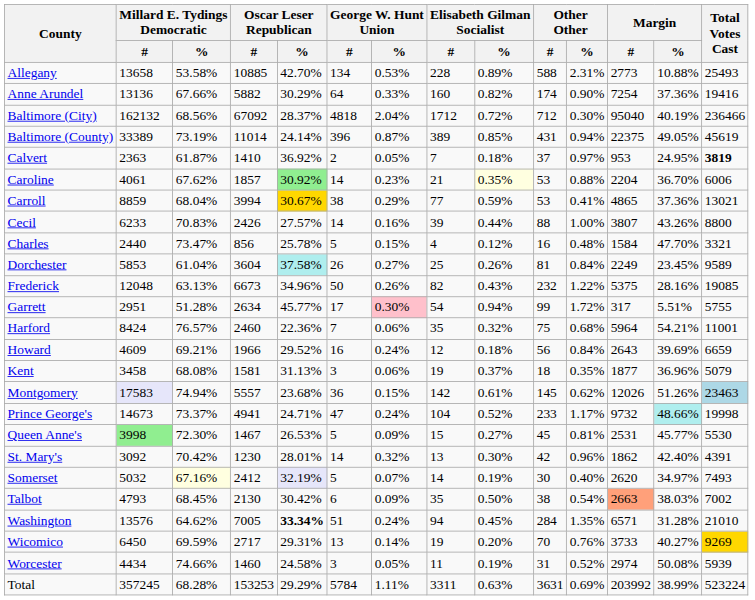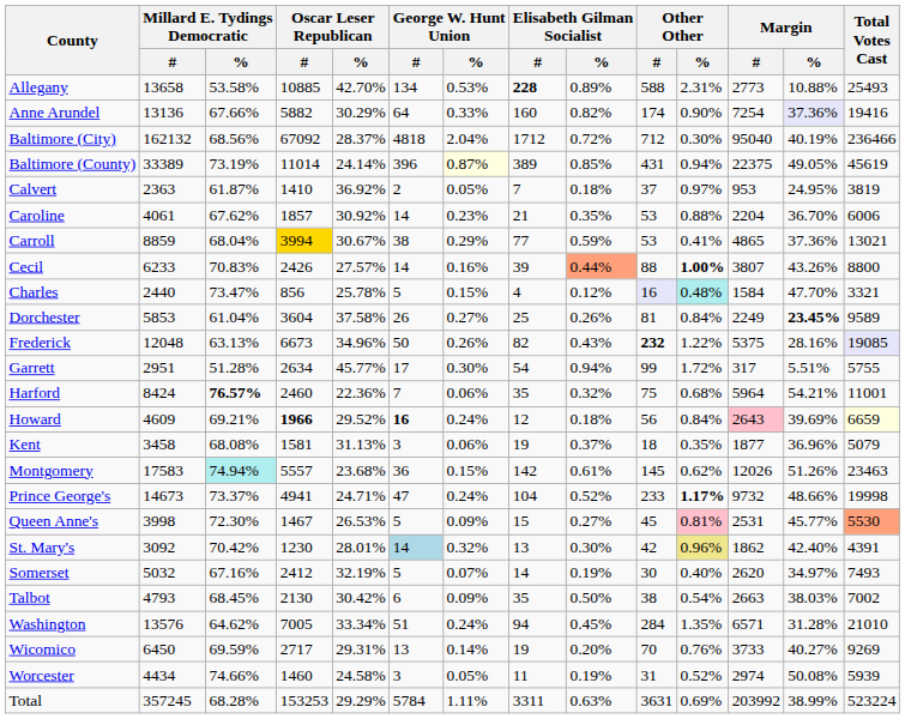 <table class="wikitable sortable">
 <tr>
 <th rowspan="2">County</th>
 <th colspan="2" >Millard E. Tydings<br>Democratic</th>
 <th colspan="2" >Oscar Leser<br>Republican</th>
 <th colspan="2" >George W. Hunt<br>Union</th>
 <th colspan="2" >Elisabeth Gilman<br>Socialist</th>
 <th colspan="2" >Other<br>Other</th>
 <th colspan="2">Margin</th>
 <th rowspan="2">Total<br>Votes<br>Cast</th>
 </tr>
 <tr>
 <th>#</th>
 <th>%</th>
 <th>#</th>
 <th>%</th>
 <th>#</th>
 <th>%</th>
 <th>#</th>
 <th>%</th>
 <th>#</th>
 <th>%</th>
 <th>#</th>
 <th>%</th>
 </tr>
 <tr>
 <td><a href='#'>Allegany</a></td>
 <td>13658</td>
 <td>53.58%</td>
 <td>10885</td>
 <td>42.70%</td>
 <td>134</td>
 <td>0.53%</td>
-<td>228</td>
+<td><strong>228</strong></td>
 <td>0.89%</td>
 <td>588</td>
 <td>2.31%</td>
 <td>2773</td>
 <td>10.88%</td>
 <td>25493</td>
 </tr>
 <tr>
 <td><a href='#'>Anne Arundel</a></td>
 <td>13136</td>
 <td>67.66%</td>
 <td>5882</td>
 <td>30.29%</td>
 <td>64</td>
 <td>0.33%</td>
 <td>160</td>
 <td>0.82%</td>
 <td>174</td>
 <td>0.90%</td>
 <td>7254</td>
-<td>37.36%</td>
+<td style="background: lavender;">37.36%</td>
 <td>19416</td>
 </tr>
 <tr>
 <td><a href='#'>Baltimore (City)</a></td>
 <td>162132</td>
 <td>68.56%</td>
 <td>67092</td>
 <td>28.37%</td>
 <td>4818</td>
 <td>2.04%</td>
 <td>1712</td>
 <td>0.72%</td>
 <td>712</td>
 <td>0.30%</td>
 <td>95040</td>
 <td>40.19%</td>
 <td>236466</td>
 </tr>
 <tr>
 <td><a href='#'>Baltimore (County)</a></td>
 <td>33389</td>
 <td>73.19%</td>
 <td>11014</td>
 <td>24.14%</td>
 <td>396</td>
-<td>0.87%</td>
+<td style="background: lightyellow;">0.87%</td>
 <td>389</td>
 <td>0.85%</td>
 <td>431</td>
 <td>0.94%</td>
 <td>22375</td>
 <td>49.05%</td>
 <td>45619</td>
 </tr>
 <tr>
 <td><a href='#'>Calvert</a></td>
 <td>2363</td>
 <td>61.87%</td>
 <td>1410</td>
 <td>36.92%</td>
 <td>2</td>
 <td>0.05%</td>
 <td>7</td>
 <td>0.18%</td>
 <td>37</td>
 <td>0.97%</td>
 <td>953</td>
 <td>24.95%</td>
-<td><strong>3819</strong></td>
+<td>3819</td>
 </tr>
 <tr>
 <td><a href='#'>Caroline</a></td>
 <td>4061</td>
 <td>67.62%</td>
 <td>1857</td>
-<td style="background: lightgreen;">30.92%</td>
+<td>30.92%</td>
 <td>14</td>
 <td>0.23%</td>
 <td>21</td>
-<td style="background: lightyellow;">0.35%</td>
+<td>0.35%</td>
 <td>53</td>
 <td>0.88%</td>
 <td>2204</td>
 <td>36.70%</td>
 <td>6006</td>
 </tr>
 <tr>
 <td><a href='#'>Carroll</a></td>
 <td>8859</td>
 <td>68.04%</td>
-<td>3994</td>
-<td style="background: gold;">30.67%</td>
+<td style="background: gold;">3994</td>
+<td>30.67%</td>
 <td>38</td>
 <td>0.29%</td>
 <td>77</td>
 <td>0.59%</td>
 <td>53</td>
 <td>0.41%</td>
 <td>4865</td>
 <td>37.36%</td>
 <td>13021</td>
 </tr>
 <tr>
 <td><a href='#'>Cecil</a></td>
 <td>6233</td>
 <td>70.83%</td>
 <td>2426</td>
 <td>27.57%</td>
 <td>14</td>
 <td>0.16%</td>
 <td>39</td>
-<td>0.44%</td>
+<td style="background: lightsalmon;">0.44%</td>
 <td>88</td>
-<td>1.00%</td>
+<td><strong>1.00%</strong></td>
 <td>3807</td>
 <td>43.26%</td>
 <td>8800</td>
 </tr>
 <tr>
 <td><a href='#'>Charles</a></td>
 <td>2440</td>
 <td>73.47%</td>
 <td>856</td>
 <td>25.78%</td>
 <td>5</td>
 <td>0.15%</td>
 <td>4</td>
 <td>0.12%</td>
-<td>16</td>
-<td>0.48%</td>
+<td style="background: lavender;">16</td>
+<td style="background: paleturquoise;">0.48%</td>
 <td>1584</td>
 <td>47.70%</td>
 <td>3321</td>
 </tr>
 <tr>
 <td><a href='#'>Dorchester</a></td>
 <td>5853</td>
 <td>61.04%</td>
 <td>3604</td>
-<td style="background: paleturquoise;">37.58%</td>
+<td>37.58%</td>
 <td>26</td>
 <td>0.27%</td>
 <td>25</td>
 <td>0.26%</td>
 <td>81</td>
 <td>0.84%</td>
 <td>2249</td>
-<td>23.45%</td>
+<td><strong>23.45%</strong></td>
 <td>9589</td>
 </tr>
 <tr>
 <td><a href='#'>Frederick</a></td>
 <td>12048</td>
 <td>63.13%</td>
 <td>6673</td>
 <td>34.96%</td>
 <td>50</td>
 <td>0.26%</td>
 <td>82</td>
 <td>0.43%</td>
-<td>232</td>
+<td><strong>232</strong></td>
 <td>1.22%</td>
 <td>5375</td>
 <td>28.16%</td>
-<td>19085</td>
+<td style="background: lavender;">19085</td>
 </tr>
 <tr>
 <td><a href='#'>Garrett</a></td>
 <td>2951</td>
 <td>51.28%</td>
 <td>2634</td>
 <td>45.77%</td>
 <td>17</td>
-<td style="background: pink;">0.30%</td>
+<td>0.30%</td>
 <td>54</td>
 <td>0.94%</td>
 <td>99</td>
 <td>1.72%</td>
 <td>317</td>
 <td>5.51%</td>
 <td>5755</td>
 </tr>
 <tr>
 <td><a href='#'>Harford</a></td>
 <td>8424</td>
-<td>76.57%</td>
+<td><strong>76.57%</strong></td>
 <td>2460</td>
 <td>22.36%</td>
 <td>7</td>
 <td>0.06%</td>
 <td>35</td>
 <td>0.32%</td>
 <td>75</td>
 <td>0.68%</td>
 <td>5964</td>
 <td>54.21%</td>
 <td>11001</td>
 </tr>
 <tr>
 <td><a href='#'>Howard</a></td>
 <td>4609</td>
 <td>69.21%</td>
-<td>1966</td>
+<td><strong>1966</strong></td>
 <td>29.52%</td>
-<td>16</td>
+<td><strong>16</strong></td>
 <td>0.24%</td>
 <td>12</td>
 <td>0.18%</td>
 <td>56</td>
 <td>0.84%</td>
-<td>2643</td>
+<td style="background: pink;">2643</td>
 <td>39.69%</td>
-<td>6659</td>
+<td style="background: lightyellow;">6659</td>
 </tr>
 <tr>
 <td><a href='#'>Kent</a></td>
 <td>3458</td>
 <td>68.08%</td>
 <td>1581</td>
 <td>31.13%</td>
 <td>3</td>
 <td>0.06%</td>
 <td>19</td>
 <td>0.37%</td>
 <td>18</td>
 <td>0.35%</td>
 <td>1877</td>
 <td>36.96%</td>
 <td>5079</td>
 </tr>
 <tr>
 <td><a href='#'>Montgomery</a></td>
-<td style="background: lavender;">17583</td>
-<td>74.94%</td>
+<td>17583</td>
+<td style="background: paleturquoise;">74.94%</td>
 <td>5557</td>
 <td>23.68%</td>
 <td>36</td>
 <td>0.15%</td>
 <td>142</td>
 <td>0.61%</td>
 <td>145</td>
 <td>0.62%</td>
 <td>12026</td>
 <td>51.26%</td>
-<td style="background: lightblue;">23463</td>
+<td>23463</td>
 </tr>
 <tr>
 <td><a href='#'>Prince George's</a></td>
 <td>14673</td>
 <td>73.37%</td>
 <td>4941</td>
 <td>24.71%</td>
 <td>47</td>
 <td>0.24%</td>
 <td>104</td>
 <td>0.52%</td>
 <td>233</td>
-<td>1.17%</td>
+<td><strong>1.17%</strong></td>
 <td>9732</td>
-<td style="background: paleturquoise;">48.66%</td>
+<td>48.66%</td>
 <td>19998</td>
 </tr>
 <tr>
 <td><a href='#'>Queen Anne's</a></td>
-<td style="background: lightgreen;">3998</td>
+<td>3998</td>
 <td>72.30%</td>
 <td>1467</td>
 <td>26.53%</td>
 <td>5</td>
 <td>0.09%</td>
 <td>15</td>
 <td>0.27%</td>
 <td>45</td>
-<td>0.81%</td>
+<td style="background: pink;">0.81%</td>
 <td>2531</td>
 <td>45.77%</td>
-<td>5530</td>
+<td style="background: lightsalmon;">5530</td>
 </tr>
 <tr>
 <td><a href='#'>St. Mary's</a></td>
 <td>3092</td>
 <td>70.42%</td>
 <td>1230</td>
 <td>28.01%</td>
-<td>14</td>
+<td style="background: lightblue;">14</td>
 <td>0.32%</td>
 <td>13</td>
 <td>0.30%</td>
 <td>42</td>
-<td>0.96%</td>
+<td style="background: khaki;">0.96%</td>
 <td>1862</td>
 <td>42.40%</td>
 <td>4391</td>
 </tr>
 <tr>
 <td><a href='#'>Somerset</a></td>
 <td>5032</td>
-<td style="background: lightyellow;">67.16%</td>
+<td>67.16%</td>
 <td>2412</td>
-<td style="background: lavender;">32.19%</td>
+<td>32.19%</td>
 <td>5</td>
 <td>0.07%</td>
 <td>14</td>
 <td>0.19%</td>
 <td>30</td>
 <td>0.40%</td>
 <td>2620</td>
 <td>34.97%</td>
 <td>7493</td>
 </tr>
 <tr>
 <td><a href='#'>Talbot</a></td>
 <td>4793</td>
 <td>68.45%</td>
 <td>2130</td>
 <td>30.42%</td>
 <td>6</td>
 <td>0.09%</td>
 <td>35</td>
 <td>0.50%</td>
 <td>38</td>
 <td>0.54%</td>
-<td style="background: lightsalmon;">2663</td>
+<td>2663</td>
 <td>38.03%</td>
 <td>7002</td>
 </tr>
 <tr>
 <td><a href='#'>Washington</a></td>
 <td>13576</td>
 <td>64.62%</td>
 <td>7005</td>
-<td><strong>33.34%</strong></td>
+<td>33.34%</td>
 <td>51</td>
 <td>0.24%</td>
 <td>94</td>
 <td>0.45%</td>
 <td>284</td>
 <td>1.35%</td>
 <td>6571</td>
 <td>31.28%</td>
 <td>21010</td>
 </tr>
 <tr>
 <td><a href='#'>Wicomico</a></td>
 <td>6450</td>
 <td>69.59%</td>
 <td>2717</td>
 <td>29.31%</td>
 <td>13</td>
 <td>0.14%</td>
 <td>19</td>
 <td>0.20%</td>
 <td>70</td>
 <td>0.76%</td>
 <td>3733</td>
 <td>40.27%</td>
-<td style="background: gold;">9269</td>
+<td>9269</td>
 </tr>
 <tr>
 <td><a href='#'>Worcester</a></td>
 <td>4434</td>
 <td>74.66%</td>
 <td>1460</td>
 <td>24.58%</td>
 <td>3</td>
 <td>0.05%</td>
 <td>11</td>
 <td>0.19%</td>
 <td>31</td>
 <td>0.52%</td>
 <td>2974</td>
 <td>50.08%</td>
 <td>5939</td>
 </tr>
 <tr>
 <td>Total</td>
 <td>357245</td>
 <td>68.28%</td>
 <td>153253</td>
 <td>29.29%</td>
 <td>5784</td>
 <td>1.11%</td>
 <td>3311</td>
 <td>0.63%</td>
 <td>3631</td>
 <td>0.69%</td>
 <td>203992</td>
 <td>38.99%</td>
 <td>523224</td>
 </tr>
 </table>
